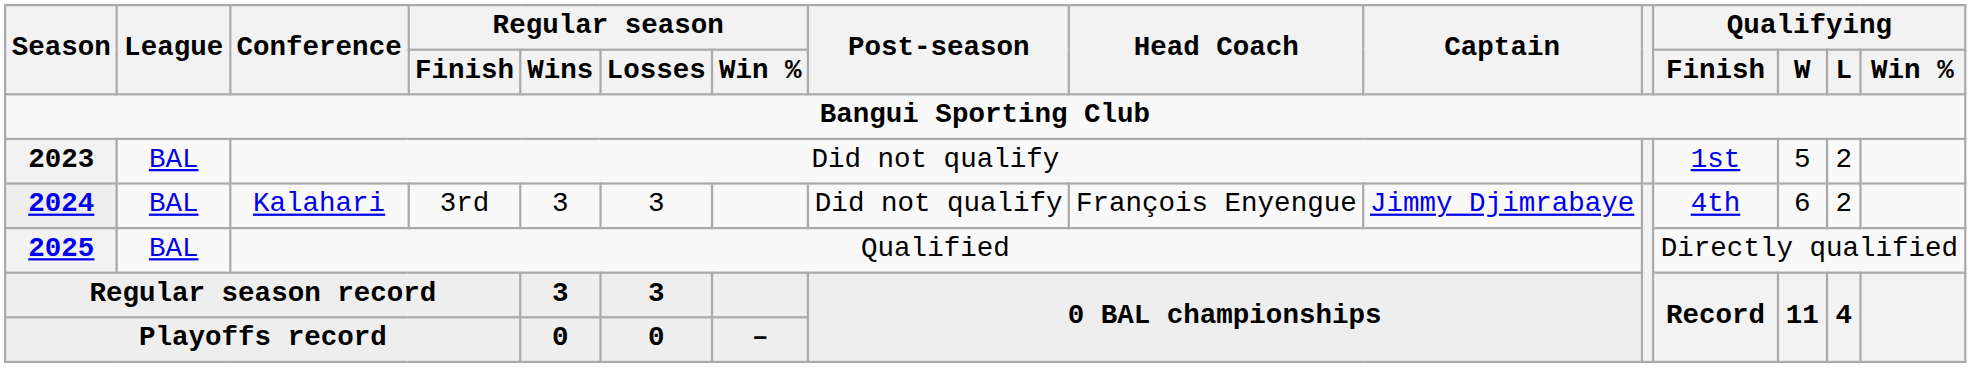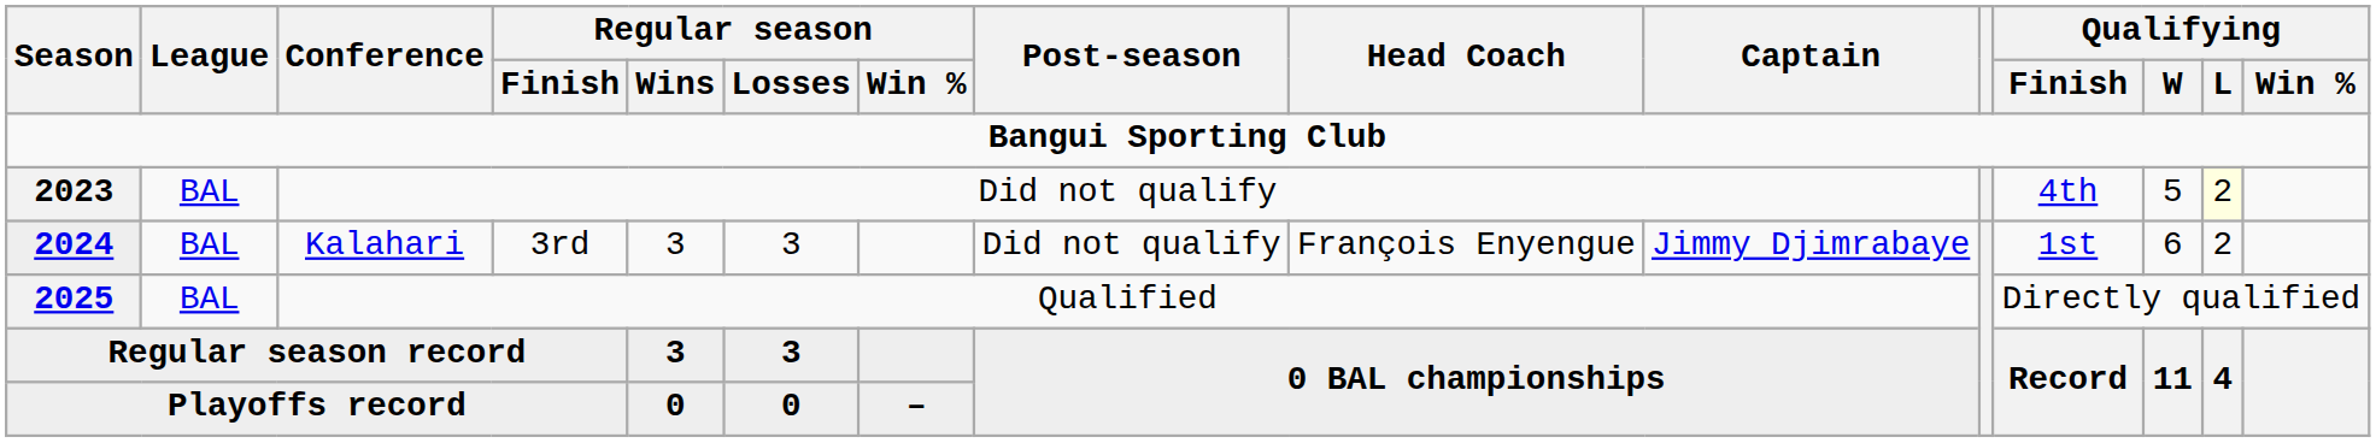 <table class="wikitable" style="font-size:95%; text-align:center">
 <tr>
 <th rowspan="2">Season</th>
 <th rowspan="2">League</th>
 <th rowspan="2">Conference</th>
 <th colspan="4">Regular season</th>
 <th rowspan="2">Post-season</th>
 <th rowspan="2">Head Coach</th>
 <th rowspan="2">Captain</th>
 <th rowspan="2"></th>
 <th colspan="4">Qualifying</th>
 </tr>
 <tr>
 <th>Finish</th>
 <th>Wins</th>
 <th>Losses</th>
 <th>Win %</th>
 <th>Finish</th>
 <th>W</th>
 <th>L</th>
 <th>Win %</th>
 </tr>
 <tr>
 <td colspan="15" align="center"><strong>Bangui Sporting Club</strong></td>
 </tr>
 <tr>
 <th>2023</th>
 <td><a href='#'>BAL</a></td>
 <td colspan="8">Did not qualify</td>
 <th></th>
-<td><a href='#'>1st</a></td>
+<td><a href='#'>4th</a></td>
 <td>5</td>
-<td>2</td>
+<td style="background: lightyellow;">2</td>
 <td></td>
 </tr>
 <tr>
 <th style="background:#eee;"><a href='#'>2024</a></th>
 <td style="text-align:center;"><a href='#'>BAL</a></td>
 <td><a href='#'>Kalahari</a></td>
 <td style="text-align:center; ">3rd</td>
 <td style="text-align:center;">3</td>
 <td style="text-align:center;">3</td>
 <td style="text-align:center;"></td>
 <td style="text-align:center;background-color: ;">Did not qualify</td>
 <td>François Enyengue</td>
 <td><a href='#'>Jimmy Djimrabaye</a></td>
 <th rowspan="4"></th>
-<td><a href='#'>4th</a></td>
+<td><a href='#'>1st</a></td>
 <td>6</td>
 <td>2</td>
 <td></td>
 </tr>
 <tr>
 <th><a href='#'>2025</a></th>
 <td><a href='#'>BAL</a></td>
 <td colspan="8">Qualified</td>
 <td colspan="4">Directly qualified</td>
 </tr>
 <tr>
 <th colspan="4" style="background:#eee;">Regular season record</th>
 <td style="background:#eee;"><strong>3</strong></td>
 <td style="background:#eee;"><strong>3</strong></td>
 <td style="background:#eee;"><strong></strong></td>
 <td colspan="3" rowspan="2" style="background:#eee;"><strong>0 BAL championships</strong></td>
 <th rowspan="2">Record</th>
 <th rowspan="2">11</th>
 <th rowspan="2">4</th>
 <th rowspan="2"></th>
 </tr>
 <tr>
 <th colspan="4" style="background:#eee;">Playoffs record</th>
 <td style="background:#eee;"><strong>0</strong></td>
 <td style="background:#eee;"><strong>0</strong></td>
 <td style="background:#eee;"><strong>–</strong></td>
 </tr>
 </table>
